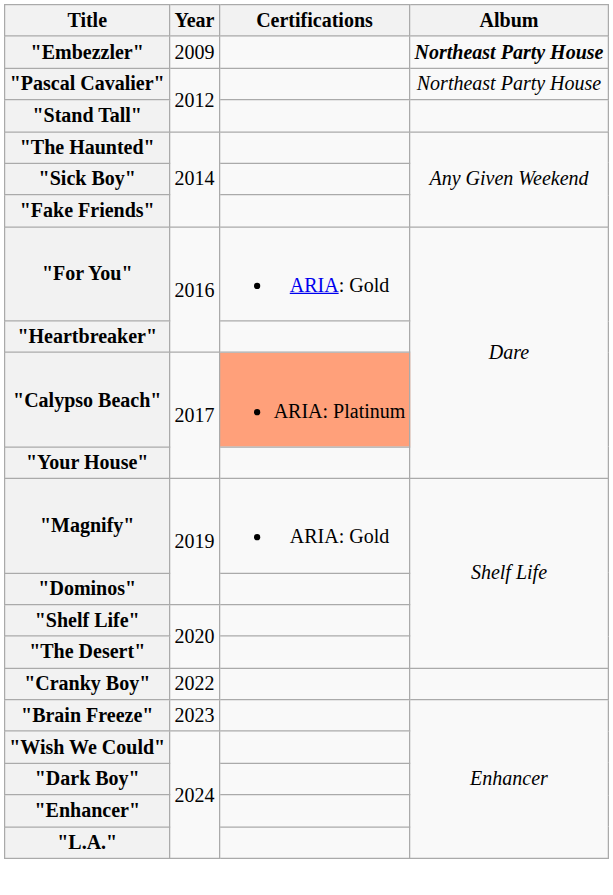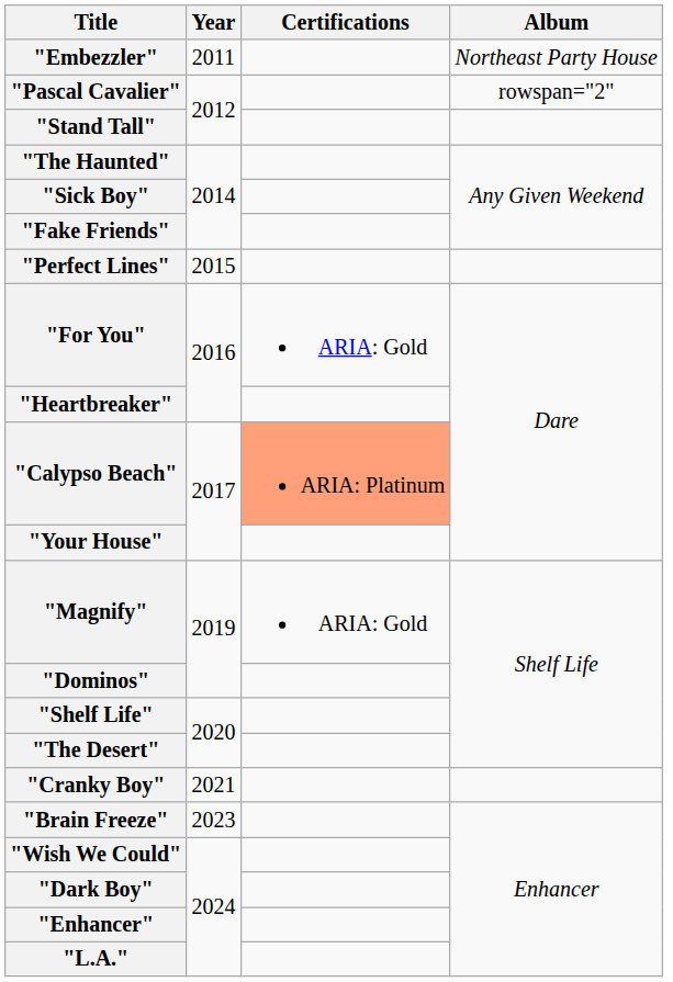 <table class="wikitable plainrowheaders" style="text-align:center">
 <tr>
 <th>Title</th>
 <th>Year</th>
 <th>Certifications</th>
 <th>Album</th>
 </tr>
 <tr>
 <th scope="row">"Embezzler"</th>
-<td>2009</td>
+<td>2011</td>
 <td></td>
-<td><strong><em>Northeast Party House</em></strong></td>
+<td><em>Northeast Party House</em></td>
 </tr>
 <tr>
 <th scope="row">"Pascal Cavalier"</th>
 <td rowspan="2">2012</td>
 <td></td>
-<td><em>Northeast Party House</em></td>
+<td>rowspan="2" </td>
 </tr>
 <tr>
 <th scope="row">"Stand Tall"</th>
 <td></td>
 </tr>
 <tr>
 <th scope="row">"The Haunted"</th>
 <td rowspan="3">2014</td>
 <td></td>
 <td rowspan="3"><em>Any Given Weekend</em></td>
 </tr>
 <tr>
 <th scope="row">"Sick Boy"</th>
 <td></td>
 </tr>
 <tr>
 <th scope="row">"Fake Friends"</th>
+<td></td>
+</tr>
+<tr>
+<th scope="row">"Perfect Lines"</th>
+<td>2015</td>
+<td></td>
 <td></td>
 </tr>
 <tr>
 <th scope="row">"For You"</th>
 <td rowspan="2">2016</td>
 <td><br><ul><li><a href='#'>ARIA</a>: Gold</li></ul></td>
 <td rowspan="4"><em>Dare</em></td>
 </tr>
 <tr>
 <th scope="row">"Heartbreaker"</th>
 <td></td>
 </tr>
 <tr>
 <th scope="row">"Calypso Beach"</th>
 <td rowspan="2">2017</td>
 <td style="background: lightsalmon;"><br><ul><li>ARIA: Platinum</li></ul></td>
 </tr>
 <tr>
 <th scope="row">"Your House"</th>
 <td></td>
 </tr>
 <tr>
 <th scope="row">"Magnify"</th>
 <td rowspan="2">2019</td>
 <td><br><ul><li>ARIA: Gold</li></ul></td>
 <td rowspan="4"><em>Shelf Life</em></td>
 </tr>
 <tr>
 <th scope="row">"Dominos"</th>
 <td></td>
 </tr>
 <tr>
 <th scope="row">"Shelf Life"</th>
 <td rowspan="2">2020</td>
 <td></td>
 </tr>
 <tr>
 <th scope="row">"The Desert"</th>
 <td></td>
 </tr>
 <tr>
 <th scope="row">"Cranky Boy"</th>
-<td>2022</td>
+<td>2021</td>
 <td></td>
 <td></td>
 </tr>
 <tr>
 <th scope="row">"Brain Freeze"</th>
 <td>2023</td>
 <td></td>
 <td rowspan="5"><em>Enhancer</em></td>
 </tr>
 <tr>
 <th scope="row">"Wish We Could"</th>
 <td rowspan="4">2024</td>
 <td></td>
 </tr>
 <tr>
 <th scope="row">"Dark Boy"</th>
 <td></td>
 </tr>
 <tr>
 <th scope="row">"Enhancer"</th>
 <td></td>
 </tr>
 <tr>
 <th scope="row">"L.A."</th>
 <td></td>
 </tr>
 </table>
